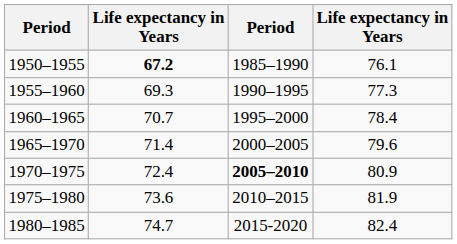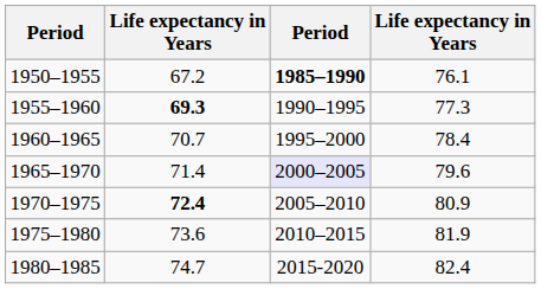 <table class="wikitable" style="text-align:center">
 <tr>
 <th>Period</th>
 <th>Life expectancy in<br>Years</th>
 <th>Period</th>
 <th>Life expectancy in<br>Years</th>
 </tr>
 <tr>
 <td>1950–1955</td>
-<td><strong>67.2</strong></td>
-<td>1985–1990</td>
+<td>67.2</td>
+<td><strong>1985–1990</strong></td>
 <td>76.1</td>
 </tr>
 <tr>
 <td>1955–1960</td>
-<td>69.3</td>
+<td><strong>69.3</strong></td>
 <td>1990–1995</td>
 <td>77.3</td>
 </tr>
 <tr>
 <td>1960–1965</td>
 <td>70.7</td>
 <td>1995–2000</td>
 <td>78.4</td>
 </tr>
 <tr>
 <td>1965–1970</td>
 <td>71.4</td>
-<td>2000–2005</td>
+<td style="background: lavender;">2000–2005</td>
 <td>79.6</td>
 </tr>
 <tr>
 <td>1970–1975</td>
-<td>72.4</td>
-<td><strong>2005–2010</strong></td>
+<td><strong>72.4</strong></td>
+<td>2005–2010</td>
 <td>80.9</td>
 </tr>
 <tr>
 <td>1975–1980</td>
 <td>73.6</td>
 <td>2010–2015</td>
 <td>81.9</td>
 </tr>
 <tr>
 <td>1980–1985</td>
 <td>74.7</td>
 <td>2015-2020</td>
 <td>82.4</td>
 </tr>
 </table>
